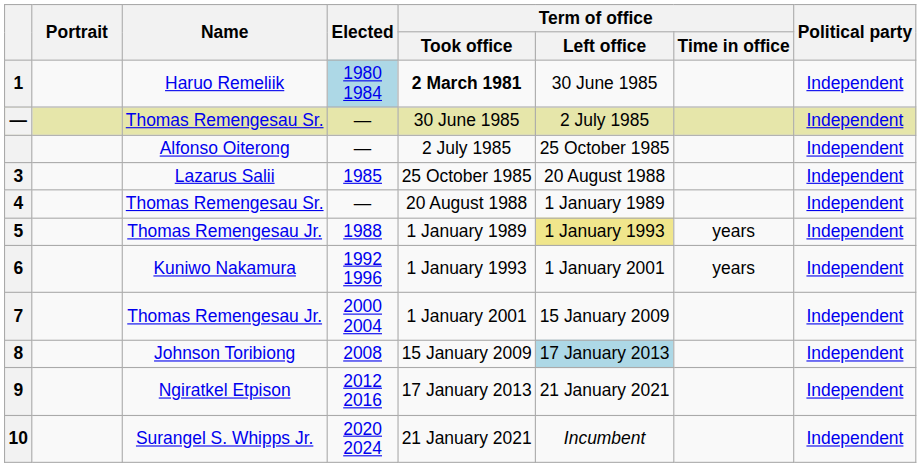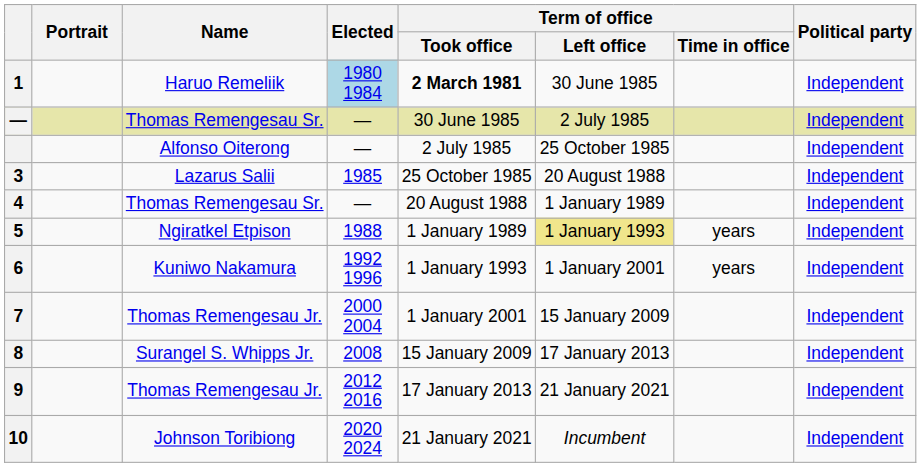 <table class="wikitable" style="text-align:center">
 <tr>
 <th rowspan="2"></th>
 <th rowspan="2" style="width:75px;">Portrait</th>
 <th rowspan="2">Name<br></th>
 <th rowspan="2">Elected</th>
 <th colspan="3">Term of office</th>
 <th rowspan="2">Political party</th>
 </tr>
 <tr>
 <th>Took office</th>
 <th>Left office</th>
 <th>Time in office</th>
 </tr>
 <tr>
 <th style="background:">1</th>
 <td></td>
 <td><a href='#'>Haruo Remeliik</a><br></td>
 <td style="background: lightblue;"><a href='#'>1980</a><br><a href='#'>1984</a></td>
 <td><strong>2 March 1981</strong></td>
 <td>30 June 1985<br></td>
 <td></td>
 <td><a href='#'>Independent</a></td>
 </tr>
 <tr style="background:#e6e6aa;">
 <th style="background:">—</th>
 <td></td>
 <td><a href='#'>Thomas Remengesau Sr.</a><br></td>
 <td>—</td>
 <td>30 June 1985</td>
 <td>2 July 1985</td>
 <td></td>
 <td><a href='#'>Independent</a></td>
 </tr>
 <tr>
 <th style="background:"></th>
 <td></td>
 <td><a href='#'>Alfonso Oiterong</a><br></td>
 <td>—</td>
 <td>2 July 1985</td>
 <td>25 October 1985</td>
 <td></td>
 <td><a href='#'>Independent</a></td>
 </tr>
 <tr>
 <th style="background:">3</th>
 <td></td>
 <td><a href='#'>Lazarus Salii</a><br></td>
 <td><a href='#'>1985</a></td>
 <td>25 October 1985</td>
 <td>20 August 1988<br></td>
 <td></td>
 <td><a href='#'>Independent</a></td>
 </tr>
 <tr>
 <th style="background:">4</th>
 <td></td>
 <td><a href='#'>Thomas Remengesau Sr.</a><br></td>
 <td>—</td>
 <td>20 August 1988</td>
 <td>1 January 1989</td>
 <td></td>
 <td><a href='#'>Independent</a></td>
 </tr>
 <tr>
 <th style="background:">5</th>
 <td></td>
-<td><a href='#'>Thomas Remengesau Jr.</a><br></td>
+<td><a href='#'>Ngiratkel Etpison</a><br></td>
 <td><a href='#'>1988</a></td>
 <td>1 January 1989</td>
 <td style="background: khaki;">1 January 1993</td>
 <td> years</td>
 <td><a href='#'>Independent</a></td>
 </tr>
 <tr>
 <th style="background:">6</th>
 <td></td>
 <td><a href='#'>Kuniwo Nakamura</a><br></td>
 <td><a href='#'>1992</a><br><a href='#'>1996</a></td>
 <td>1 January 1993</td>
 <td>1 January 2001</td>
 <td> years</td>
 <td><a href='#'>Independent</a></td>
 </tr>
 <tr>
 <th style="background:">7</th>
 <td></td>
 <td><a href='#'>Thomas Remengesau Jr.</a><br></td>
 <td><a href='#'>2000</a><br><a href='#'>2004</a></td>
 <td>1 January 2001</td>
 <td>15 January 2009</td>
 <td></td>
 <td><a href='#'>Independent</a></td>
 </tr>
 <tr>
 <th style="background:">8</th>
 <td></td>
-<td><a href='#'>Johnson Toribiong</a><br></td>
+<td><a href='#'>Surangel S. Whipps Jr.</a><br></td>
 <td><a href='#'>2008</a></td>
 <td>15 January 2009</td>
-<td style="background: lightblue;">17 January 2013</td>
+<td>17 January 2013</td>
 <td></td>
 <td><a href='#'>Independent</a></td>
 </tr>
 <tr>
 <th style="background:">9</th>
 <td></td>
-<td><a href='#'>Ngiratkel Etpison</a><br></td>
+<td><a href='#'>Thomas Remengesau Jr.</a><br></td>
 <td><a href='#'>2012</a><br><a href='#'>2016</a></td>
 <td>17 January 2013</td>
 <td>21 January 2021</td>
 <td></td>
 <td><a href='#'>Independent</a></td>
 </tr>
 <tr>
 <th style="background:">10</th>
 <td></td>
-<td><a href='#'>Surangel S. Whipps Jr.</a><br></td>
+<td><a href='#'>Johnson Toribiong</a><br></td>
 <td><a href='#'>2020</a><br><a href='#'>2024</a></td>
 <td>21 January 2021</td>
 <td><em>Incumbent</em></td>
 <td></td>
 <td><a href='#'>Independent</a></td>
 </tr>
 </table>
